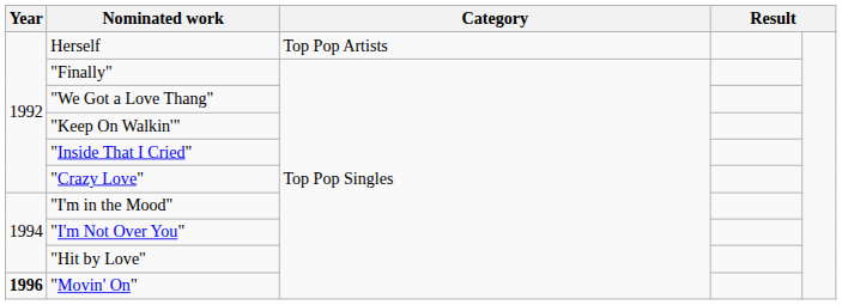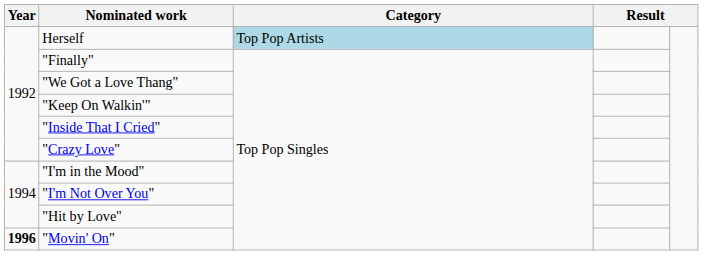 <table class=wikitable>
 <tr>
 <th width=5%>Year</th>
 <th width=28%>Nominated work</th>
 <th width=52%>Category</th>
 <th width=15% colspan=2>Result</th>
 </tr>
 <tr>
 <td rowspan=6>1992</td>
 <td>Herself</td>
-<td>Top Pop Artists</td>
+<td style="background: lightblue;">Top Pop Artists</td>
 <td></td>
 <td width=4% align=center rowspan=10></td>
 </tr>
 <tr>
 <td>"Finally"</td>
 <td rowspan=9>Top Pop Singles</td>
 <td></td>
 </tr>
 <tr>
 <td>"We Got a Love Thang"</td>
 <td></td>
 </tr>
 <tr>
 <td>"Keep On Walkin'"</td>
 <td></td>
 </tr>
 <tr>
 <td>"<a href='#'>Inside That I Cried</a>"</td>
 <td></td>
 </tr>
 <tr>
 <td>"<a href='#'>Crazy Love</a>"</td>
 <td></td>
 </tr>
 <tr>
 <td rowspan="3">1994</td>
 <td>"I'm in the Mood"</td>
 <td></td>
 </tr>
 <tr>
 <td>"<a href='#'>I'm Not Over You</a>"</td>
 <td></td>
 </tr>
 <tr>
 <td>"Hit by Love"</td>
 <td></td>
 </tr>
 <tr>
 <td><strong>1996</strong></td>
 <td>"<a href='#'>Movin' On</a>"</td>
 <td></td>
 </tr>
 </table>
